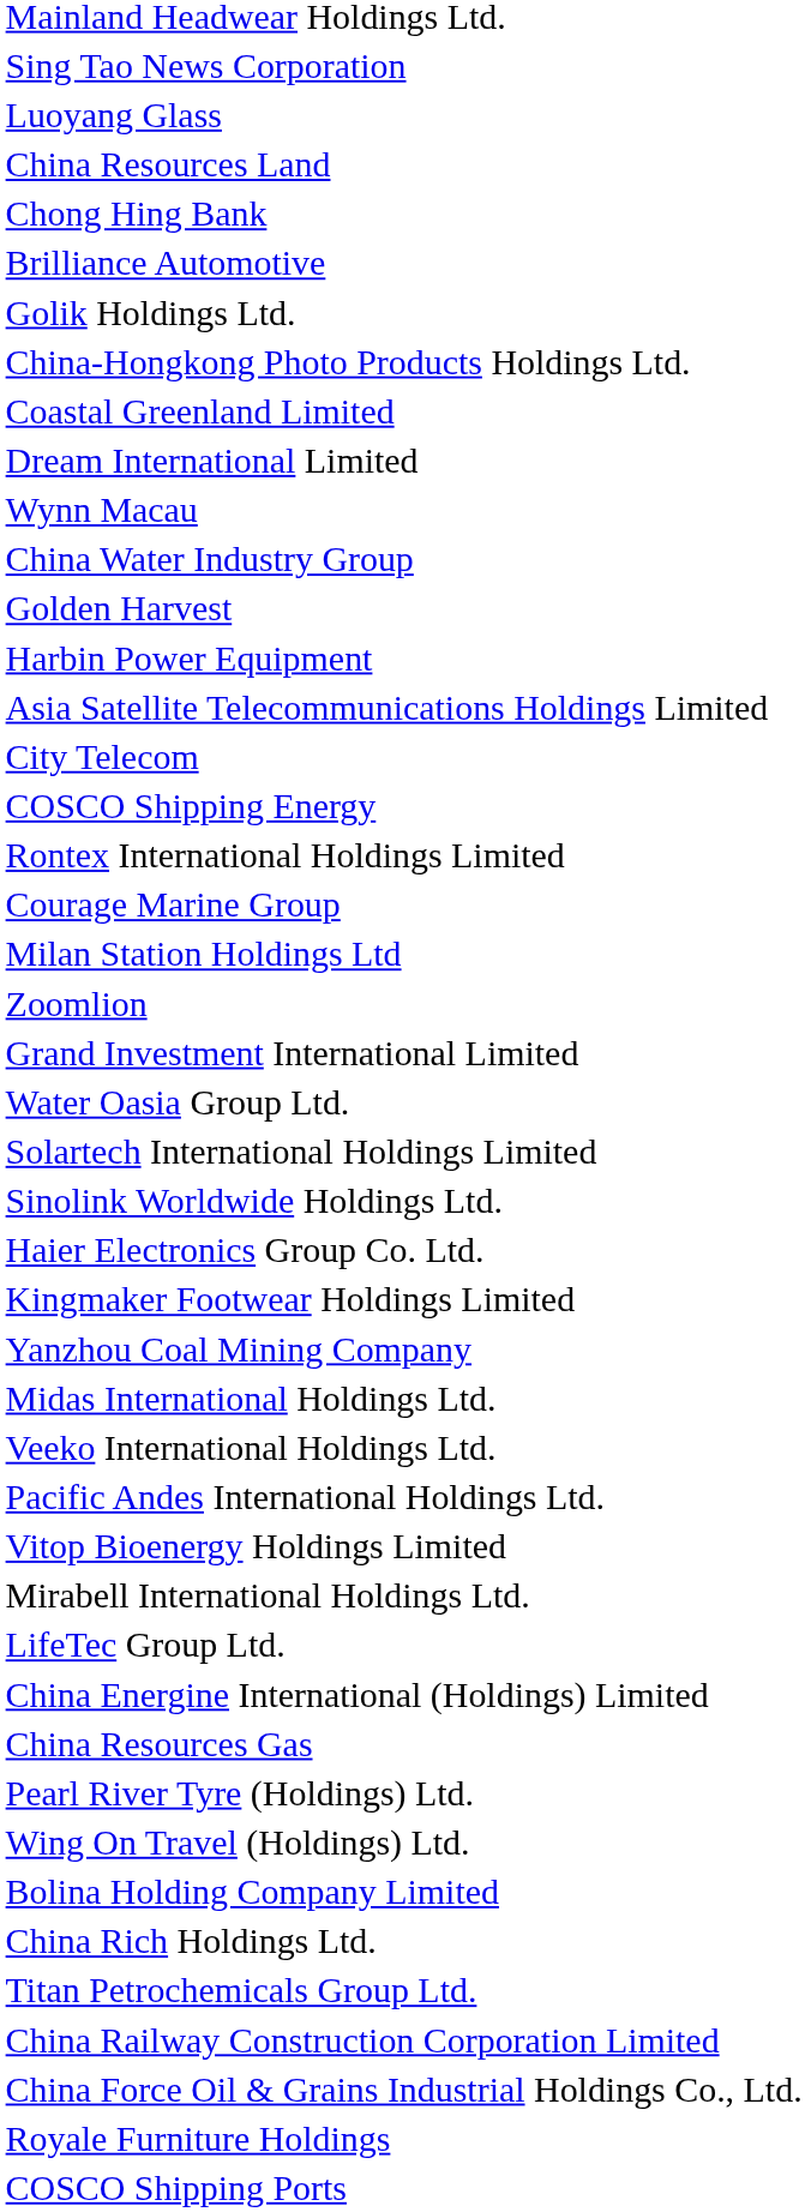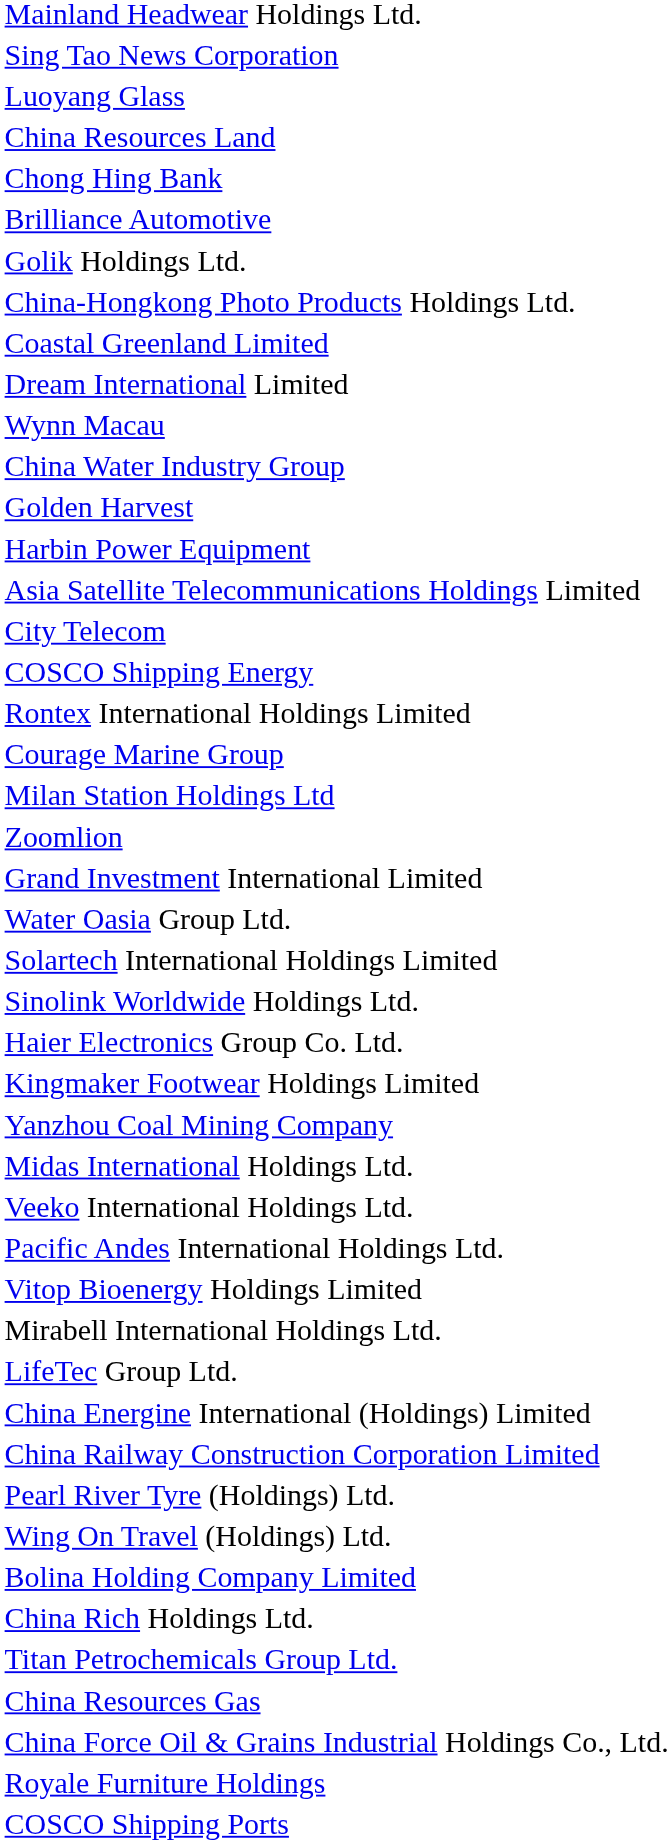 <table>
 <tr>
 <td> <a href='#'>Mainland Headwear</a> Holdings Ltd.</td>
 </tr>
 <tr>
 <td> <a href='#'>Sing Tao News Corporation</a></td>
 </tr>
 <tr>
 <td> <a href='#'>Luoyang Glass</a></td>
 </tr>
 <tr>
 <td> <a href='#'>China Resources Land</a></td>
 </tr>
 <tr>
 <td> <a href='#'>Chong Hing Bank</a></td>
 </tr>
 <tr>
 <td> <a href='#'>Brilliance Automotive</a></td>
 </tr>
 <tr>
 <td> <a href='#'>Golik</a> Holdings Ltd.</td>
 </tr>
 <tr>
 <td> <a href='#'>China-Hongkong Photo Products</a> Holdings Ltd.</td>
 </tr>
 <tr>
 <td> <a href='#'>Coastal Greenland Limited</a></td>
 </tr>
 <tr>
 <td> <a href='#'>Dream International</a> Limited</td>
 </tr>
 <tr>
 <td> <a href='#'>Wynn Macau</a></td>
 </tr>
 <tr>
 <td> <a href='#'>China Water Industry Group</a></td>
 </tr>
 <tr>
 <td> <a href='#'>Golden Harvest</a></td>
 </tr>
 <tr>
 <td> <a href='#'>Harbin Power Equipment</a></td>
 </tr>
 <tr>
 <td> <a href='#'>Asia Satellite Telecommunications Holdings</a> Limited</td>
 </tr>
 <tr>
 <td> <a href='#'>City Telecom</a></td>
 </tr>
 <tr>
 <td> <a href='#'>COSCO Shipping Energy</a></td>
 </tr>
 <tr>
 <td> <a href='#'>Rontex</a> International Holdings Limited</td>
 </tr>
 <tr>
 <td> <a href='#'>Courage Marine Group</a></td>
 </tr>
 <tr>
 <td> <a href='#'>Milan Station Holdings Ltd</a></td>
 </tr>
 <tr>
 <td> <a href='#'>Zoomlion</a></td>
 </tr>
 <tr>
 <td> <a href='#'>Grand Investment</a> International Limited</td>
 </tr>
 <tr>
 <td> <a href='#'>Water Oasia</a> Group Ltd.</td>
 </tr>
 <tr>
 <td> <a href='#'>Solartech</a> International Holdings Limited</td>
 </tr>
 <tr>
 <td> <a href='#'>Sinolink Worldwide</a> Holdings Ltd.</td>
 </tr>
 <tr>
 <td> <a href='#'>Haier Electronics</a> Group Co. Ltd.</td>
 </tr>
 <tr>
 <td> <a href='#'>Kingmaker Footwear</a> Holdings Limited</td>
 </tr>
 <tr>
 <td> <a href='#'>Yanzhou Coal Mining Company</a></td>
 </tr>
 <tr>
 <td> <a href='#'>Midas International</a> Holdings Ltd.</td>
 </tr>
 <tr>
 <td> <a href='#'>Veeko</a> International Holdings Ltd.</td>
 </tr>
 <tr>
 <td> <a href='#'>Pacific Andes</a> International Holdings Ltd.</td>
 </tr>
 <tr>
 <td> <a href='#'>Vitop Bioenergy</a> Holdings Limited</td>
 </tr>
 <tr>
 <td> Mirabell International Holdings Ltd.</td>
 </tr>
 <tr>
 <td> <a href='#'>LifeTec</a> Group Ltd.</td>
 </tr>
 <tr>
 <td> <a href='#'>China Energine</a> International (Holdings) Limited</td>
 </tr>
 <tr>
-<td> <a href='#'>China Resources Gas</a></td>
+<td> <a href='#'>China Railway Construction Corporation Limited</a></td>
 </tr>
 <tr>
 <td> <a href='#'>Pearl River Tyre</a> (Holdings) Ltd.</td>
 </tr>
 <tr>
 <td> <a href='#'>Wing On Travel</a> (Holdings) Ltd.</td>
 </tr>
 <tr>
 <td> <a href='#'>Bolina Holding Company Limited</a></td>
 </tr>
 <tr>
 <td> <a href='#'>China Rich</a> Holdings Ltd.</td>
 </tr>
 <tr>
 <td> <a href='#'>Titan Petrochemicals Group Ltd.</a></td>
 </tr>
 <tr>
-<td> <a href='#'>China Railway Construction Corporation Limited</a></td>
+<td> <a href='#'>China Resources Gas</a></td>
 </tr>
 <tr>
 <td> <a href='#'>China Force Oil & Grains Industrial</a> Holdings Co., Ltd.</td>
 </tr>
 <tr>
 <td> <a href='#'>Royale Furniture Holdings</a></td>
 </tr>
 <tr>
 <td> <a href='#'>COSCO Shipping Ports</a></td>
 </tr>
 </table>
